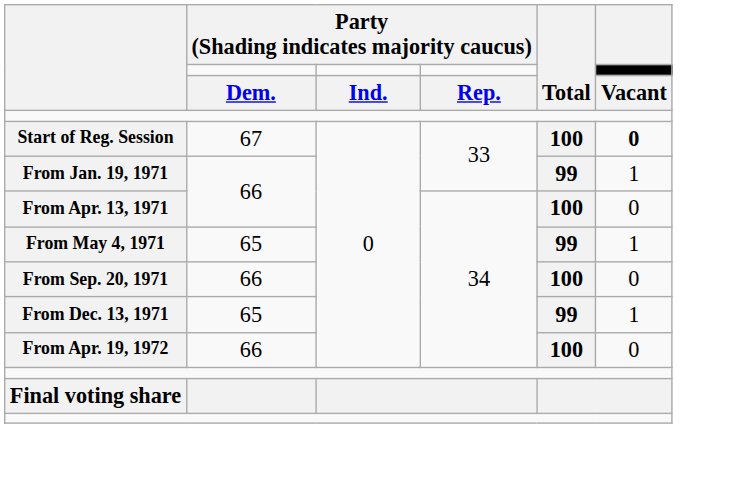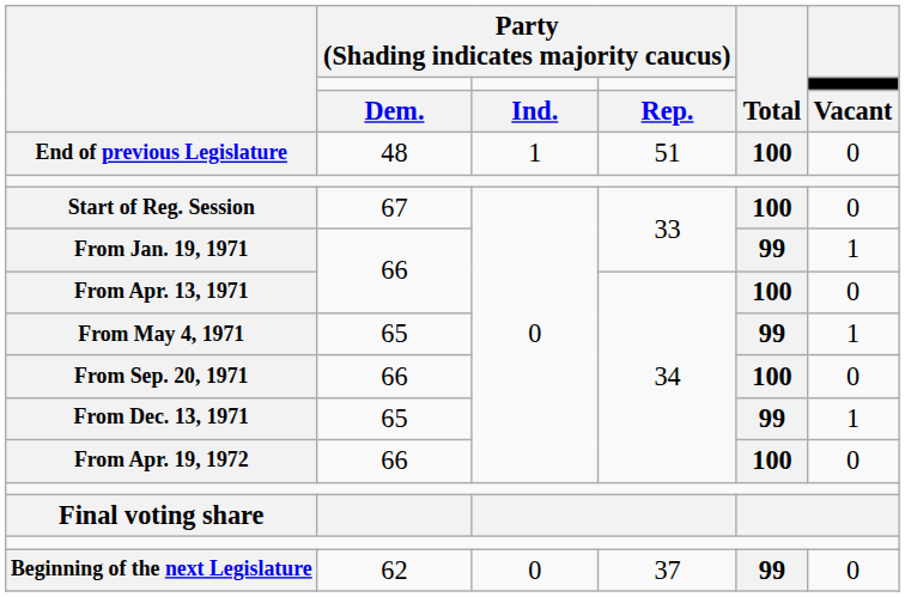 <table class=wikitable style="text-align:center">
 <tr style="vertical-align:bottom;">
 <th rowspan=3></th>
 <th colspan=3>Party <div>(Shading indicates majority caucus)</div></th>
 <th rowspan=3>Total</th>
 <th></th>
 </tr>
 <tr style="height:5px">
 <td style="background-color:"></td>
 <td style="background-color:"></td>
 <td style="background-color:"></td>
 <td style="background:black;"></td>
 </tr>
 <tr>
 <th><a href='#'>Dem.</a></th>
 <th><a href='#'>Ind.</a></th>
 <th><a href='#'>Rep.</a></th>
 <th>Vacant</th>
 </tr>
 <tr>
+<th style="font-size:80%;">End of <a href='#'>previous Legislature</a></th>
+<td>48</td>
+<td>1</td>
+<td>51</td>
+<th>100</th>
+<td>0</td>
+</tr>
+<tr>
 <td colspan=6></td>
 </tr>
 <tr>
 <th style="font-size:80%;">Start of Reg. Session</th>
 <td>67</td>
 <td rowspan="7">0</td>
 <td rowspan="2">33</td>
 <th>100</th>
-<td><strong>0</strong></td>
+<td>0</td>
 </tr>
 <tr>
 <th style="font-size:80%;">From Jan. 19, 1971</th>
 <td rowspan="2" >66</td>
 <th>99</th>
 <td>1</td>
 </tr>
 <tr>
 <th style="font-size:80%;">From Apr. 13, 1971</th>
 <td rowspan="5">34</td>
 <th>100</th>
 <td>0</td>
 </tr>
 <tr>
 <th style="font-size:80%;">From May 4, 1971</th>
 <td>65</td>
 <th>99</th>
 <td>1</td>
 </tr>
 <tr>
 <th style="font-size:80%;">From Sep. 20, 1971</th>
 <td>66</td>
 <th>100</th>
 <td>0</td>
 </tr>
 <tr>
 <th style="font-size:80%;">From Dec. 13, 1971</th>
 <td>65</td>
 <th>99</th>
 <td>1</td>
 </tr>
 <tr>
 <th style="font-size:80%;">From Apr. 19, 1972</th>
 <td>66</td>
 <th>100</th>
 <td>0</td>
 </tr>
 <tr>
 <td colspan=6></td>
 </tr>
 <tr>
 <th>Final voting share</th>
 <th></th>
 <th colspan="2"></th>
 <th colspan=2></th>
 </tr>
 <tr>
 <td colspan=6></td>
 </tr>
+<tr>
+<th style="font-size:80%;">Beginning of the <a href='#'>next Legislature</a></th>
+<td>62</td>
+<td>0</td>
+<td>37</td>
+<th>99</th>
+<td>0</td>
+</tr>
 </table>
